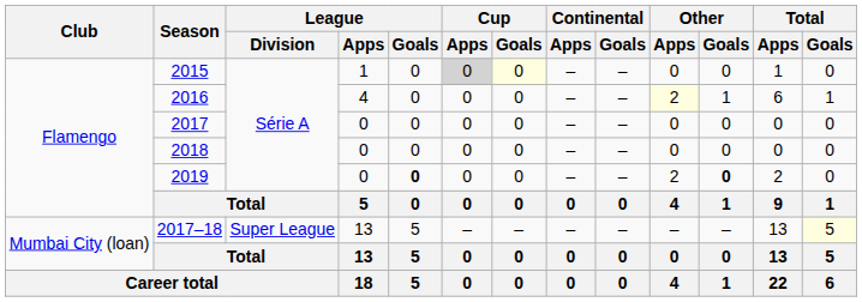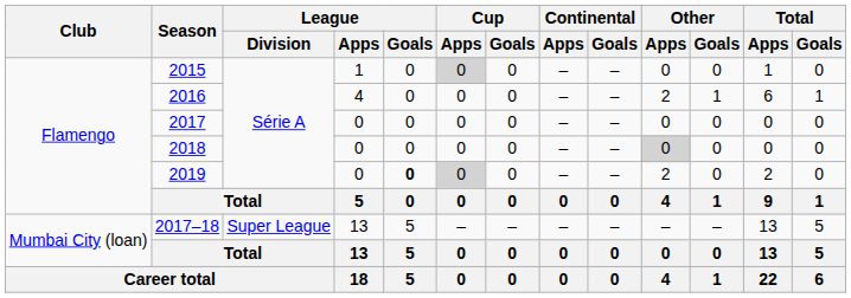 <table class="wikitable" style="text-align: center;">
 <tr>
 <th rowspan="2">Club</th>
 <th rowspan="2">Season</th>
 <th colspan="3">League</th>
 <th colspan="2">Cup</th>
 <th colspan="2">Continental</th>
 <th colspan="2">Other</th>
 <th colspan="2">Total</th>
 </tr>
 <tr>
 <th>Division</th>
 <th>Apps</th>
 <th>Goals</th>
 <th>Apps</th>
 <th>Goals</th>
 <th>Apps</th>
 <th>Goals</th>
 <th>Apps</th>
 <th>Goals</th>
 <th>Apps</th>
 <th>Goals</th>
 </tr>
 <tr>
 <td rowspan="6" valign="center"><a href='#'>Flamengo</a></td>
 <td><a href='#'>2015</a></td>
 <td rowspan="5" valign="center"><a href='#'>Série A</a></td>
 <td>1</td>
 <td>0</td>
 <td style="background: lightgrey;">0</td>
-<td style="background: lightyellow;">0</td>
+<td>0</td>
 <td>–</td>
 <td>–</td>
 <td>0</td>
 <td>0</td>
 <td>1</td>
 <td>0</td>
 </tr>
 <tr>
 <td><a href='#'>2016</a></td>
 <td>4</td>
 <td>0</td>
 <td>0</td>
 <td>0</td>
 <td>–</td>
 <td>–</td>
-<td style="background: lightyellow;">2</td>
+<td>2</td>
 <td>1</td>
 <td>6</td>
 <td>1</td>
 </tr>
 <tr>
 <td><a href='#'>2017</a></td>
 <td>0</td>
 <td>0</td>
 <td>0</td>
 <td>0</td>
 <td>–</td>
 <td>–</td>
 <td>0</td>
 <td>0</td>
 <td>0</td>
 <td>0</td>
 </tr>
 <tr>
 <td><a href='#'>2018</a></td>
 <td>0</td>
 <td>0</td>
 <td>0</td>
 <td>0</td>
 <td>–</td>
 <td>–</td>
-<td>0</td>
+<td style="background: lightgrey;">0</td>
 <td>0</td>
 <td>0</td>
 <td>0</td>
 </tr>
 <tr>
 <td><a href='#'>2019</a></td>
 <td>0</td>
 <td><strong>0</strong></td>
-<td>0</td>
+<td style="background: lightgrey;">0</td>
 <td>0</td>
 <td>–</td>
 <td>–</td>
 <td>2</td>
-<td><strong>0</strong></td>
+<td>0</td>
 <td>2</td>
 <td>0</td>
 </tr>
 <tr>
 <th colspan="2"><strong>Total</strong></th>
 <th>5</th>
 <th>0</th>
 <th>0</th>
 <th>0</th>
 <th>0</th>
 <th>0</th>
 <th>4</th>
 <th>1</th>
 <th>9</th>
 <th>1</th>
 </tr>
 <tr>
 <td rowspan="2" valign="center"><a href='#'>Mumbai City</a> (loan)</td>
 <td><a href='#'>2017–18</a></td>
 <td rowspan="1" valign="center"><a href='#'>Super League</a></td>
 <td>13</td>
 <td>5</td>
 <td>–</td>
 <td>–</td>
 <td>–</td>
 <td>–</td>
 <td>–</td>
 <td>–</td>
 <td>13</td>
-<td style="background: lightyellow;">5</td>
+<td>5</td>
 </tr>
 <tr>
 <th colspan="2"><strong>Total</strong></th>
 <th>13</th>
 <th>5</th>
 <th>0</th>
 <th>0</th>
 <th>0</th>
 <th>0</th>
 <th>0</th>
 <th>0</th>
 <th>13</th>
 <th>5</th>
 </tr>
 <tr>
 <th colspan="3"><strong>Career total</strong></th>
 <th>18</th>
 <th>5</th>
 <th>0</th>
 <th>0</th>
 <th>0</th>
 <th>0</th>
 <th>4</th>
 <th>1</th>
 <th>22</th>
 <th>6</th>
 </tr>
 </table>
